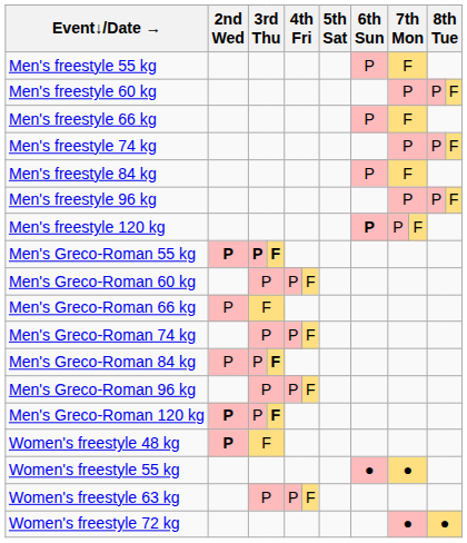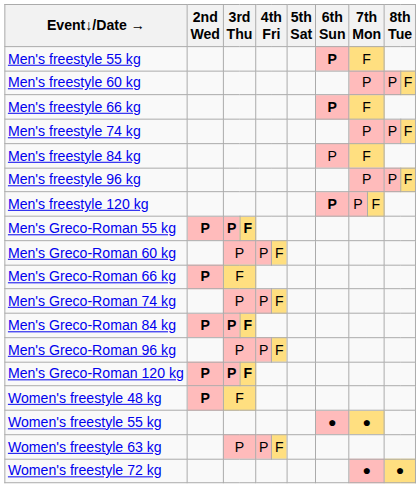 <table class="wikitable" style="margin:0.5em auto; font-size:90%; line-height:1.25em; text-align:center;">
 <tr>
 <th>Event↓/Date →</th>
 <th>2nd<br>Wed</th>
 <th colspan=2>3rd<br>Thu</th>
 <th colspan=2>4th<br>Fri</th>
 <th>5th<br>Sat</th>
 <th>6th<br>Sun</th>
 <th colspan=2>7th<br>Mon</th>
 <th colspan=2>8th<br>Tue</th>
 </tr>
 <tr>
 <td align="left"><a href='#'>Men's freestyle 55 kg</a></td>
 <td></td>
 <td colspan=2></td>
 <td colspan=2></td>
 <td></td>
-<td bgcolor="#FFBBBB">P</td>
+<td bgcolor="#FFBBBB"><strong>P</strong></td>
 <td colspan=2 bgcolor="#FFDF80">F</td>
 <td colspan=2></td>
 </tr>
 <tr>
 <td align="left"><a href='#'>Men's freestyle 60 kg</a></td>
 <td></td>
 <td colspan=2></td>
 <td colspan=2></td>
 <td></td>
 <td></td>
 <td colspan=2 bgcolor="#FFBBBB">P</td>
 <td bgcolor="#FFBBBB">P</td>
 <td bgcolor="#FFDF80">F</td>
 </tr>
 <tr>
 <td align="left"><a href='#'>Men's freestyle 66 kg</a></td>
 <td></td>
 <td colspan=2></td>
 <td colspan=2></td>
 <td></td>
-<td bgcolor="#FFBBBB">P</td>
+<td bgcolor="#FFBBBB"><strong>P</strong></td>
 <td colspan=2 bgcolor="#FFDF80">F</td>
 <td colspan=2></td>
 </tr>
 <tr>
 <td align="left"><a href='#'>Men's freestyle 74 kg</a></td>
 <td></td>
 <td colspan=2></td>
 <td colspan=2></td>
 <td></td>
 <td></td>
 <td colspan=2 bgcolor="#FFBBBB">P</td>
 <td bgcolor="#FFBBBB">P</td>
 <td bgcolor="#FFDF80">F</td>
 </tr>
 <tr>
 <td align="left"><a href='#'>Men's freestyle 84 kg</a></td>
 <td></td>
 <td colspan=2></td>
 <td colspan=2></td>
 <td></td>
 <td bgcolor="#FFBBBB">P</td>
 <td colspan=2 bgcolor="#FFDF80">F</td>
 <td colspan=2></td>
 </tr>
 <tr>
 <td align="left"><a href='#'>Men's freestyle 96 kg</a></td>
 <td></td>
 <td colspan=2></td>
 <td colspan=2></td>
 <td></td>
 <td></td>
 <td colspan=2 bgcolor="#FFBBBB">P</td>
 <td bgcolor="#FFBBBB">P</td>
 <td bgcolor="#FFDF80">F</td>
 </tr>
 <tr>
 <td align="left"><a href='#'>Men's freestyle 120 kg</a></td>
 <td></td>
 <td colspan=2></td>
 <td colspan=2></td>
 <td></td>
 <td bgcolor="#FFBBBB"><strong>P</strong></td>
 <td bgcolor="#FFBBBB">P</td>
 <td bgcolor="#FFDF80">F</td>
 <td colspan=2></td>
 </tr>
 <tr>
 <td align="left"><a href='#'>Men's Greco-Roman 55 kg</a></td>
 <td bgcolor="#FFBBBB"><strong>P</strong></td>
 <td bgcolor="#FFBBBB"><strong>P</strong></td>
 <td bgcolor="#FFDF80"><strong>F</strong></td>
 <td colspan=2></td>
 <td></td>
 <td></td>
 <td colspan=2></td>
 <td colspan=2></td>
 </tr>
 <tr>
 <td align="left"><a href='#'>Men's Greco-Roman 60 kg</a></td>
 <td></td>
 <td colspan=2 bgcolor="#FFBBBB">P</td>
 <td bgcolor="#FFBBBB">P</td>
 <td bgcolor="#FFDF80">F</td>
 <td></td>
 <td></td>
 <td colspan=2></td>
 <td colspan=2></td>
 </tr>
 <tr>
 <td align="left"><a href='#'>Men's Greco-Roman 66 kg</a></td>
-<td bgcolor="#FFBBBB">P</td>
+<td bgcolor="#FFBBBB"><strong>P</strong></td>
 <td colspan=2 bgcolor="#FFDF80">F</td>
 <td colspan=2></td>
 <td></td>
 <td></td>
 <td colspan=2></td>
 <td colspan=2></td>
 </tr>
 <tr>
 <td align="left"><a href='#'>Men's Greco-Roman 74 kg</a></td>
 <td></td>
 <td colspan=2 bgcolor="#FFBBBB">P</td>
 <td bgcolor="#FFBBBB">P</td>
 <td bgcolor="#FFDF80">F</td>
 <td></td>
 <td></td>
 <td colspan=2></td>
 <td colspan=2></td>
 </tr>
 <tr>
 <td align="left"><a href='#'>Men's Greco-Roman 84 kg</a></td>
-<td bgcolor="#FFBBBB">P</td>
-<td bgcolor="#FFBBBB">P</td>
+<td bgcolor="#FFBBBB"><strong>P</strong></td>
+<td bgcolor="#FFBBBB"><strong>P</strong></td>
 <td bgcolor="#FFDF80"><strong>F</strong></td>
 <td colspan=2></td>
 <td></td>
 <td></td>
 <td colspan=2></td>
 <td colspan=2></td>
 </tr>
 <tr>
 <td align="left"><a href='#'>Men's Greco-Roman 96 kg</a></td>
 <td></td>
 <td colspan=2 bgcolor="#FFBBBB">P</td>
 <td bgcolor="#FFBBBB">P</td>
 <td bgcolor="#FFDF80">F</td>
 <td></td>
 <td></td>
 <td colspan=2></td>
 <td colspan=2></td>
 </tr>
 <tr>
 <td align="left"><a href='#'>Men's Greco-Roman 120 kg</a></td>
 <td bgcolor="#FFBBBB"><strong>P</strong></td>
-<td bgcolor="#FFBBBB">P</td>
+<td bgcolor="#FFBBBB"><strong>P</strong></td>
 <td bgcolor="#FFDF80"><strong>F</strong></td>
 <td colspan=2></td>
 <td></td>
 <td></td>
 <td colspan=2></td>
 <td colspan=2></td>
 </tr>
 <tr>
 <td align="left"><a href='#'>Women's freestyle 48 kg</a></td>
 <td bgcolor="#FFBBBB"><strong>P</strong></td>
 <td colspan=2 bgcolor="#FFDF80">F</td>
 <td colspan=2></td>
 <td></td>
 <td></td>
 <td colspan=2></td>
 <td colspan=2></td>
 </tr>
 <tr>
 <td align="left"><a href='#'>Women's freestyle 55 kg</a></td>
 <td></td>
 <td colspan=2></td>
 <td colspan=2></td>
 <td></td>
 <td bgcolor="#FFBBBB">●</td>
 <td colspan=2 bgcolor="#FFDF80">●</td>
 <td colspan=2></td>
 </tr>
 <tr>
 <td align="left"><a href='#'>Women's freestyle 63 kg</a></td>
 <td></td>
 <td colspan=2 bgcolor="#FFBBBB">P</td>
 <td bgcolor="#FFBBBB">P</td>
 <td bgcolor="#FFDF80">F</td>
 <td></td>
 <td></td>
 <td colspan=2></td>
 <td colspan=2></td>
 </tr>
 <tr>
 <td align="left"><a href='#'>Women's freestyle 72 kg</a></td>
 <td></td>
 <td colspan=2></td>
 <td colspan=2></td>
 <td></td>
 <td></td>
 <td colspan=2 bgcolor="#FFBBBB">●</td>
 <td colspan=2 bgcolor="#FFDF80">●</td>
 </tr>
 </table>
